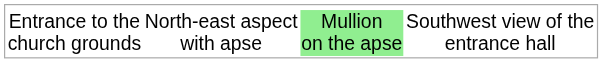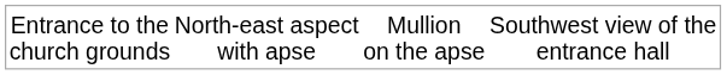 <table cellspacing="1" cellpadding="1" style="border: 1px solid #aaaaaa;" class="centered">
 <tr>
 <td></td>
 <td></td>
 <td></td>
 <td></td>
 </tr>
 <tr class=>
 <td align="center">Entrance to the<br>church grounds</td>
 <td align="center">North-east aspect<br>with apse</td>
-<td align="center" style="background: lightgreen;">Mullion<br>on the apse</td>
+<td align="center">Mullion<br>on the apse</td>
 <td align="center">Southwest view of the<br>entrance hall</td>
 </tr>
 </table>
